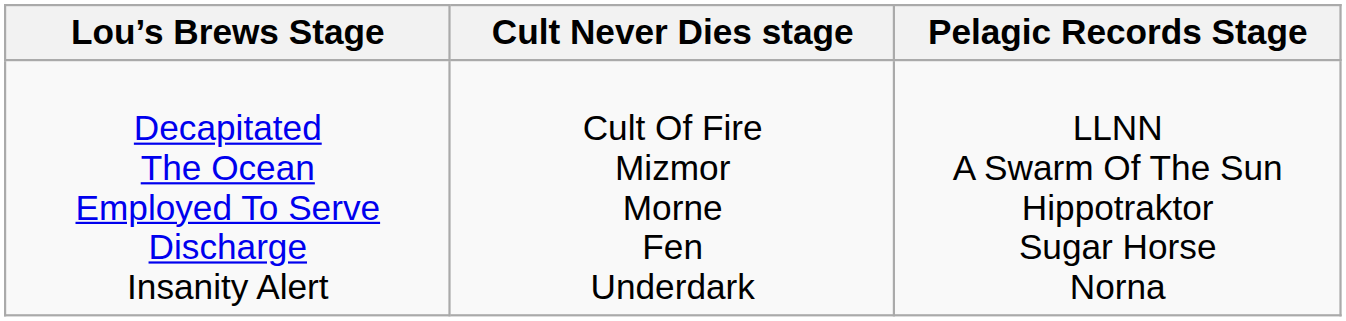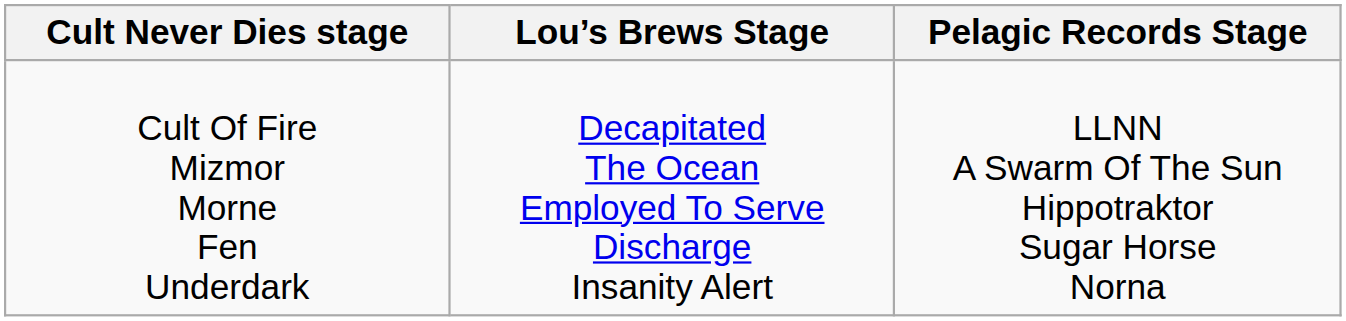 <table class="wikitable">
 <tr>
+<th>Cult Never Dies stage</th>
 <th>Lou’s Brews Stage</th>
-<th>Cult Never Dies stage</th>
 <th>Pelagic Records Stage</th>
 </tr>
 <tr>
+<td valign="top" align="center" width="200"><br>Cult Of Fire<br>Mizmor<br>Morne<br>Fen<br>Underdark</td>
 <td valign="top" align="center" width="200"><br><a href='#'>Decapitated</a><br><a href='#'>The Ocean</a><br><a href='#'>Employed To Serve</a><br><a href='#'>Discharge</a><br>Insanity Alert</td>
-<td valign="top" align="center" width="200"><br>Cult Of Fire<br>Mizmor<br>Morne<br>Fen<br>Underdark</td>
 <td valign="top" align="center" width="200"><br>LLNN<br>A Swarm Of The Sun<br>Hippotraktor<br>Sugar Horse<br>Norna</td>
 </tr>
 </table>
